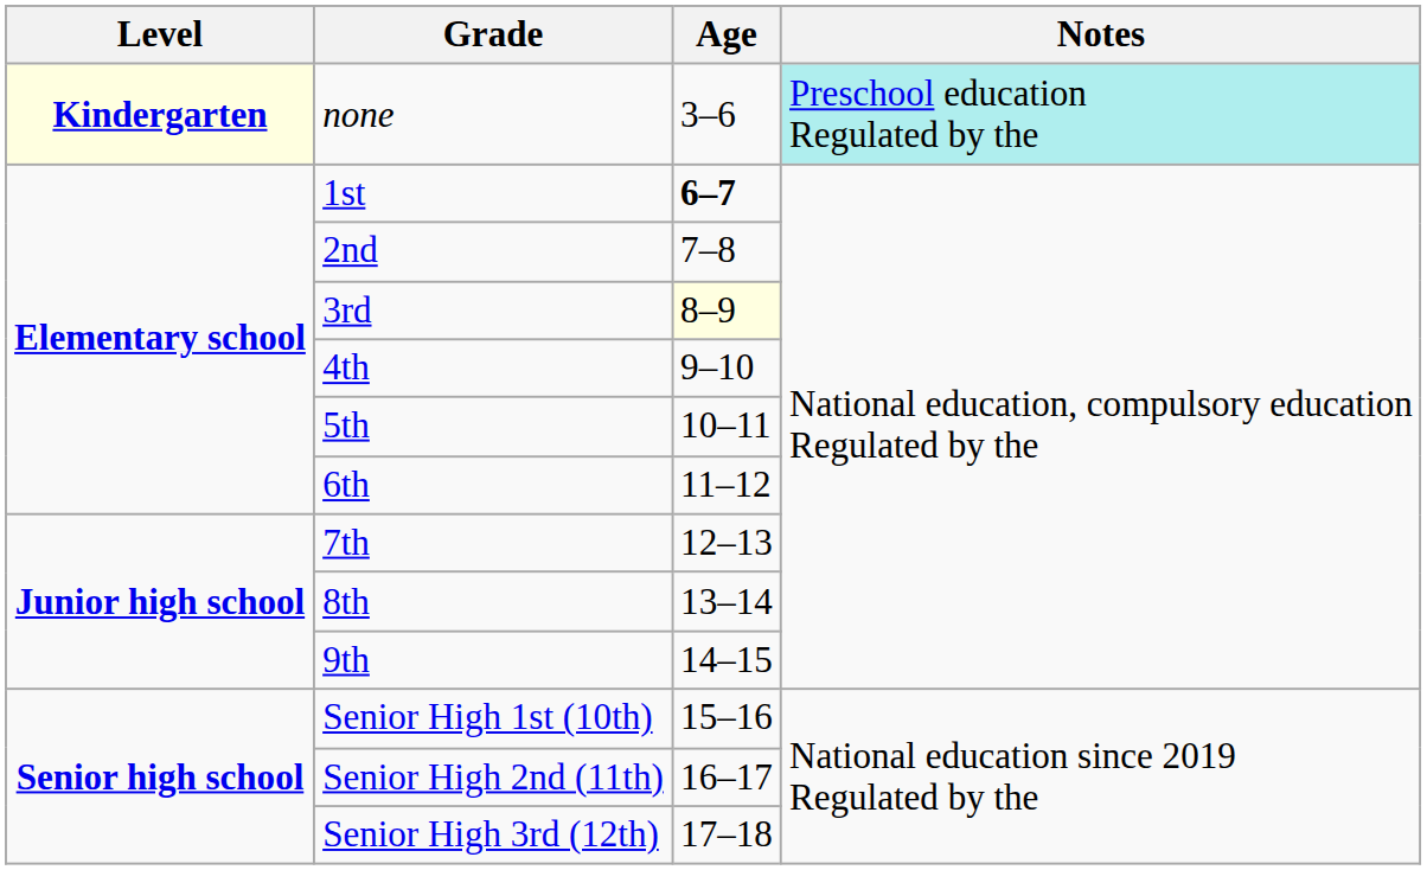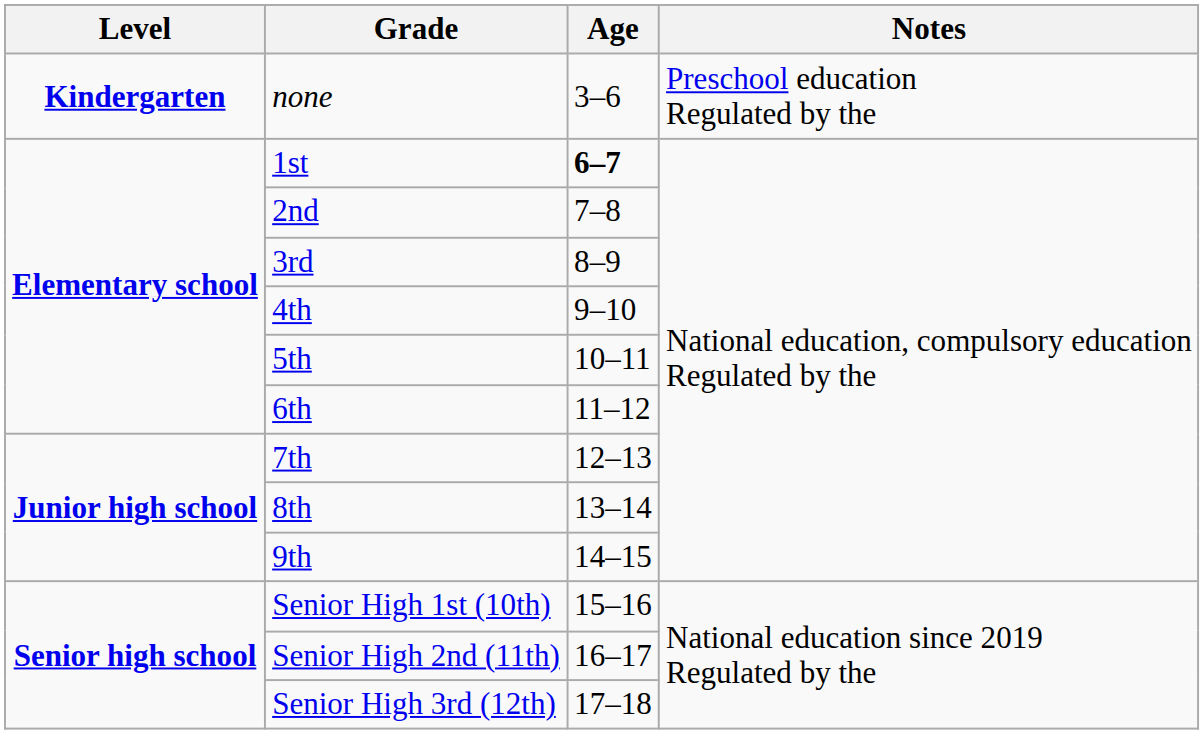 <table class=wikitable>
 <tr>
 <th>Level</th>
 <th>Grade</th>
 <th>Age</th>
 <th>Notes</th>
 </tr>
 <tr>
-<td align=center style="background: lightyellow;"><strong><a href='#'>Kindergarten</a></strong></td>
+<td align=center><strong><a href='#'>Kindergarten</a></strong></td>
 <td><em>none</em></td>
 <td>3–6</td>
-<td style="background: paleturquoise;"><a href='#'>Preschool</a> education<br>Regulated by the </td>
+<td><a href='#'>Preschool</a> education<br>Regulated by the </td>
 </tr>
 <tr>
 <td rowspan=6 align=center><strong><a href='#'>Elementary school</a></strong></td>
 <td><a href='#'>1st</a></td>
 <td><strong>6–7</strong></td>
 <td rowspan=9>National education, compulsory education<br>Regulated by the </td>
 </tr>
 <tr>
 <td><a href='#'>2nd</a></td>
 <td>7–8</td>
 </tr>
 <tr>
 <td><a href='#'>3rd</a></td>
-<td style="background: lightyellow;">8–9</td>
+<td>8–9</td>
 </tr>
 <tr>
 <td><a href='#'>4th</a></td>
 <td>9–10</td>
 </tr>
 <tr>
 <td><a href='#'>5th</a></td>
 <td>10–11</td>
 </tr>
 <tr>
 <td><a href='#'>6th</a></td>
 <td>11–12</td>
 </tr>
 <tr>
 <td rowspan=3 align=center><strong><a href='#'>Junior high school</a></strong></td>
 <td><a href='#'>7th</a></td>
 <td>12–13</td>
 </tr>
 <tr>
 <td><a href='#'>8th</a></td>
 <td>13–14</td>
 </tr>
 <tr>
 <td><a href='#'>9th</a></td>
 <td>14–15</td>
 </tr>
 <tr>
 <td rowspan=3 align=center><strong><a href='#'>Senior high school</a></strong></td>
 <td><a href='#'>Senior High 1st (10th)</a></td>
 <td>15–16</td>
 <td rowspan=3>National education since 2019<br>Regulated by the </td>
 </tr>
 <tr>
 <td><a href='#'>Senior High 2nd (11th)</a></td>
 <td>16–17</td>
 </tr>
 <tr>
 <td><a href='#'>Senior High 3rd (12th)</a></td>
 <td>17–18</td>
 </tr>
 </table>
